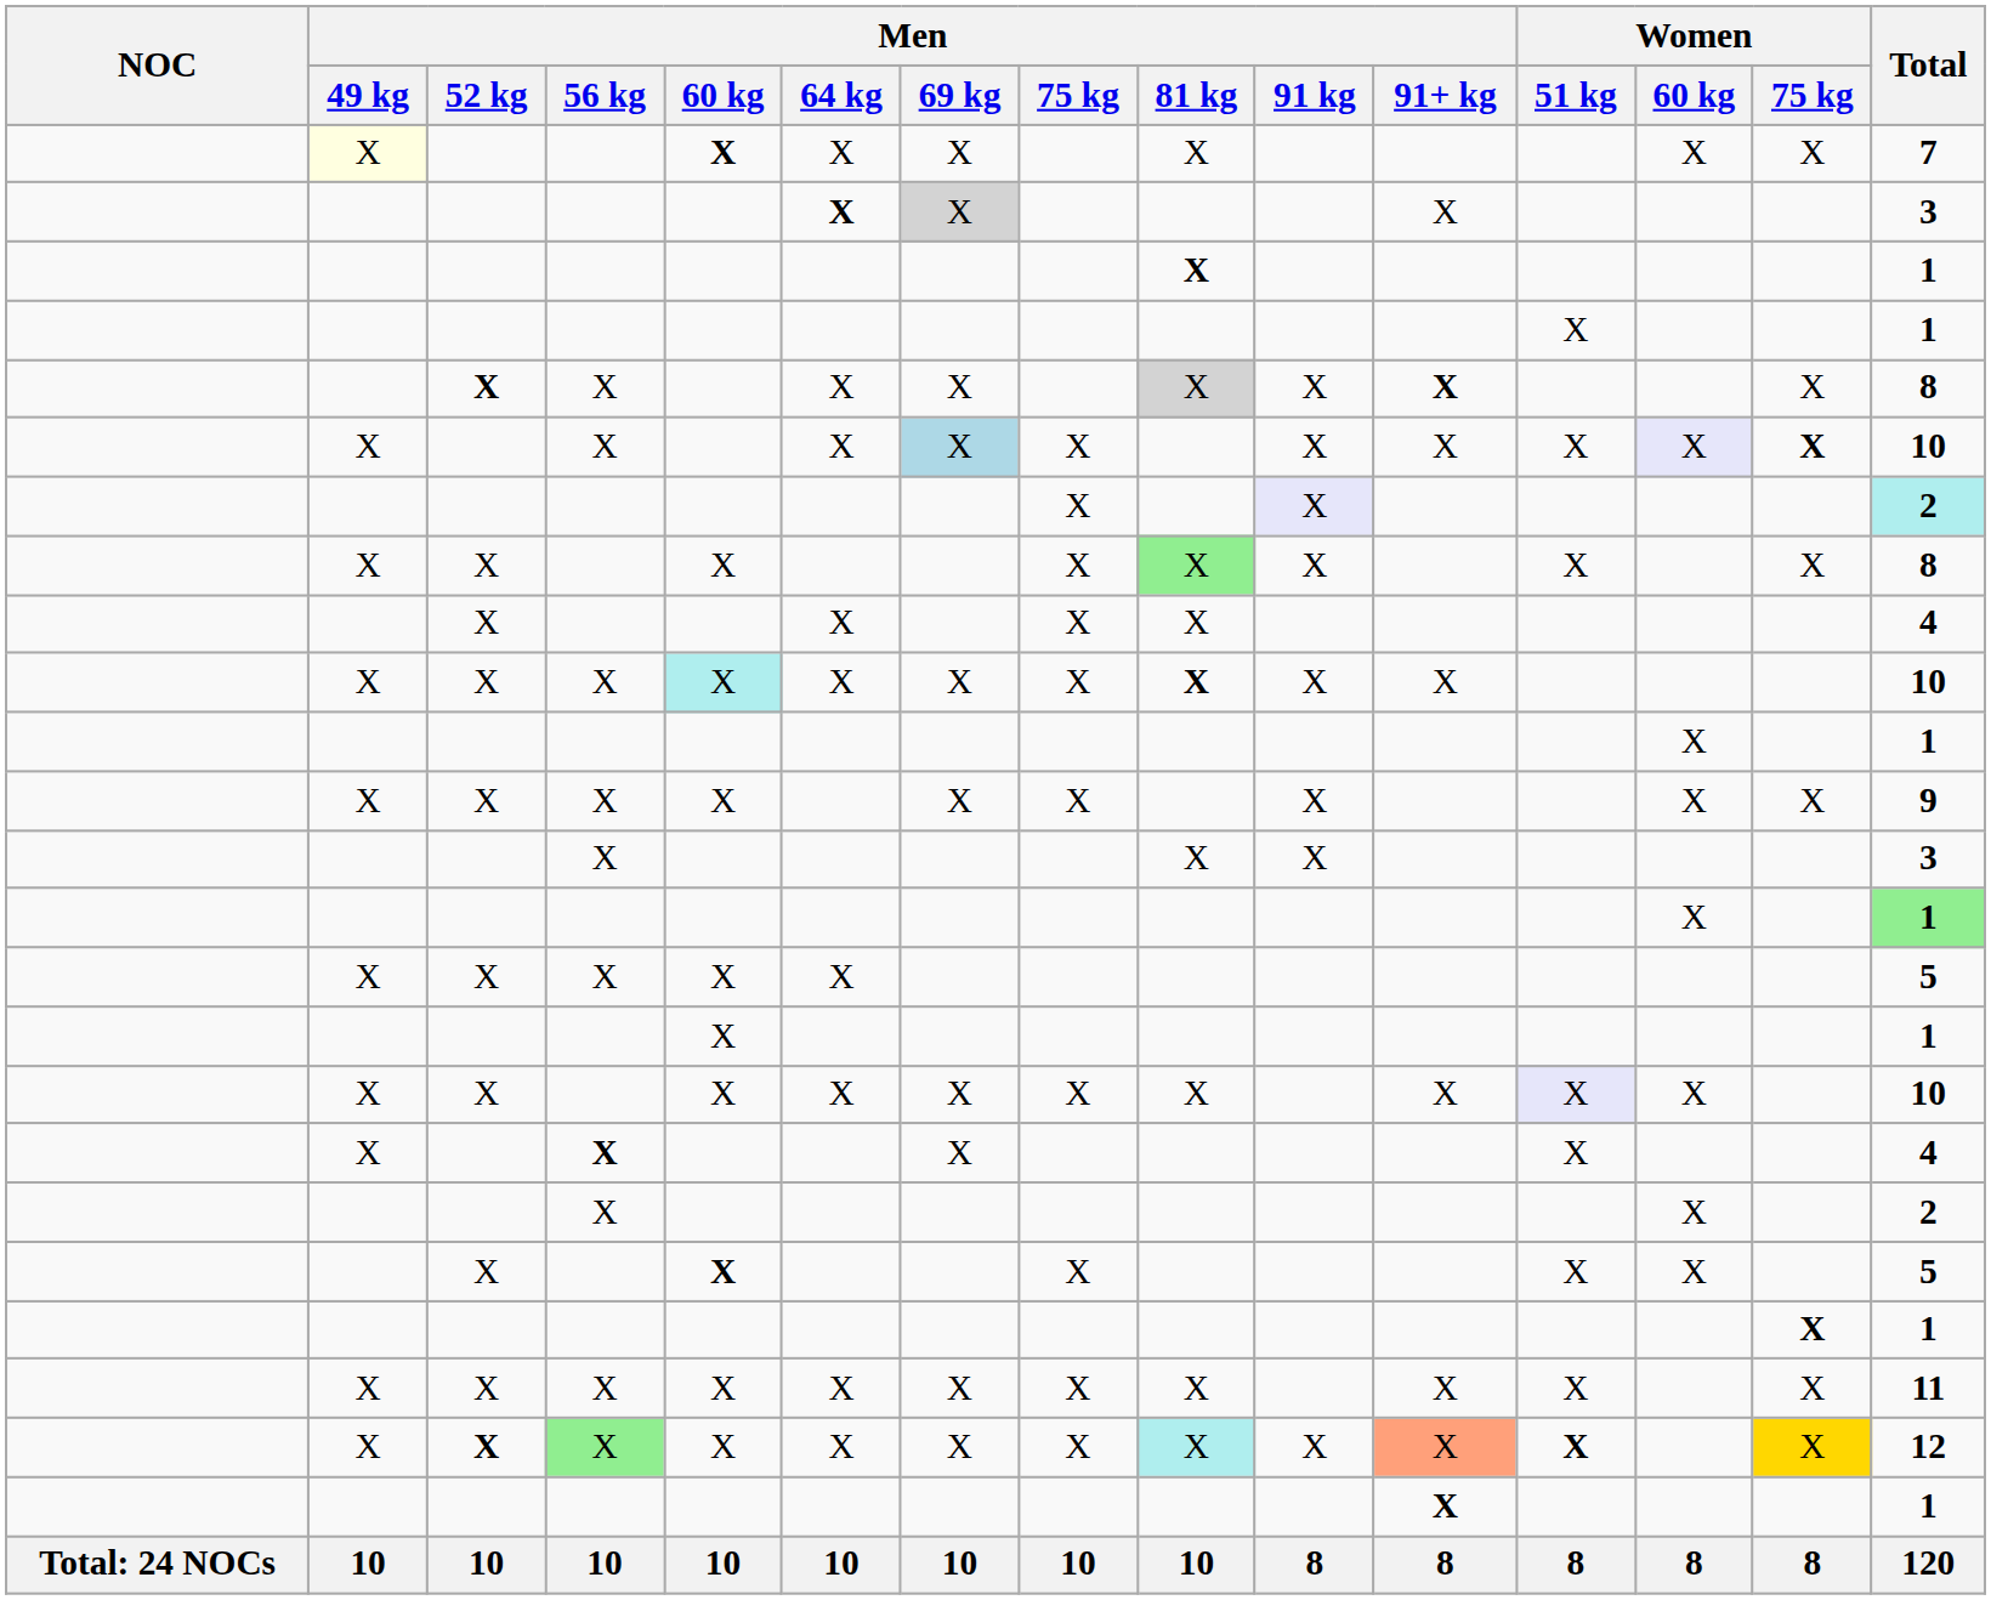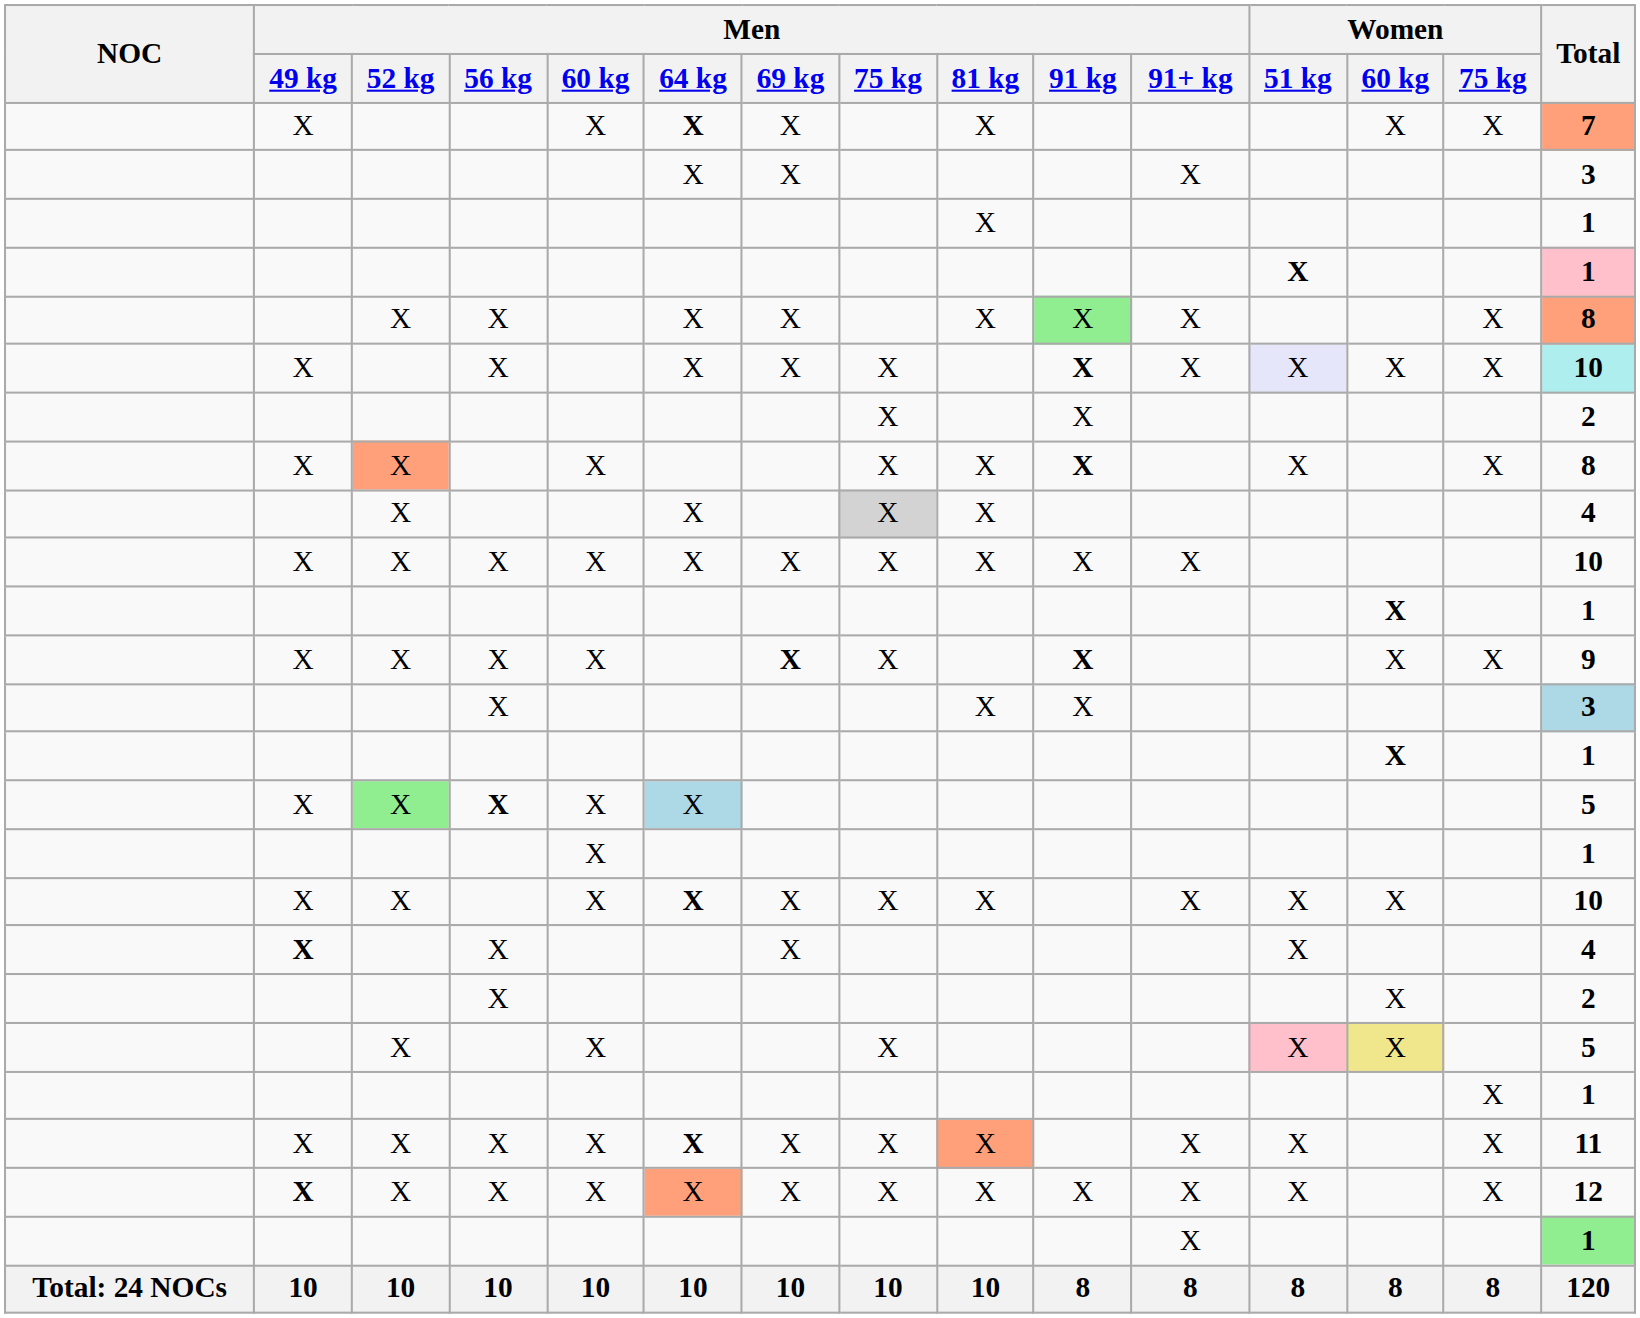 <table class="wikitable" width=800 style="text-align:center; font-size:90%">
 <tr>
 <th rowspan="2" align="left">NOC</th>
 <th colspan="10">Men</th>
 <th colspan="3">Women</th>
 <th rowspan="2">Total</th>
 </tr>
 <tr>
 <th><a href='#'>49 kg</a></th>
 <th><a href='#'>52 kg</a></th>
 <th><a href='#'>56 kg</a></th>
 <th><a href='#'>60 kg</a></th>
 <th><a href='#'>64 kg</a></th>
 <th><a href='#'>69 kg</a></th>
 <th><a href='#'>75 kg</a></th>
 <th><a href='#'>81 kg</a></th>
 <th><a href='#'>91 kg</a></th>
 <th><a href='#'>91+ kg</a></th>
 <th><a href='#'>51 kg</a></th>
 <th><a href='#'>60 kg</a></th>
 <th><a href='#'>75 kg</a></th>
 </tr>
 <tr>
 <td align="left"></td>
-<td style="background: lightyellow;">X</td>
+<td>X</td>
 <td></td>
 <td></td>
+<td>X</td>
 <td><strong>X</strong></td>
-<td>X</td>
 <td>X</td>
 <td></td>
 <td>X</td>
 <td></td>
 <td></td>
 <td></td>
 <td>X</td>
 <td>X</td>
-<td><strong>7</strong></td>
+<td style="background: lightsalmon;"><strong>7</strong></td>
 </tr>
 <tr>
 <td align="left"></td>
 <td></td>
 <td></td>
 <td></td>
 <td></td>
-<td><strong>X</strong></td>
-<td style="background: lightgrey;">X</td>
+<td>X</td>
+<td>X</td>
 <td></td>
 <td></td>
 <td></td>
 <td>X</td>
 <td></td>
 <td></td>
 <td></td>
 <td><strong>3</strong></td>
 </tr>
 <tr>
 <td align="left"></td>
 <td></td>
 <td></td>
 <td></td>
 <td></td>
 <td></td>
 <td></td>
 <td></td>
-<td><strong>X</strong></td>
+<td>X</td>
 <td></td>
 <td></td>
 <td></td>
 <td></td>
 <td></td>
 <td><strong>1</strong></td>
 </tr>
 <tr>
 <td align="left"></td>
 <td></td>
 <td></td>
 <td></td>
 <td></td>
 <td></td>
 <td></td>
 <td></td>
 <td></td>
 <td></td>
 <td></td>
-<td>X</td>
+<td><strong>X</strong></td>
 <td></td>
 <td></td>
-<td><strong>1</strong></td>
+<td style="background: pink;"><strong>1</strong></td>
 </tr>
 <tr>
 <td align="left"></td>
 <td></td>
-<td><strong>X</strong></td>
+<td>X</td>
 <td>X</td>
 <td></td>
 <td>X</td>
 <td>X</td>
 <td></td>
-<td style="background: lightgrey;">X</td>
 <td>X</td>
-<td><strong>X</strong></td>
+<td style="background: lightgreen;">X</td>
+<td>X</td>
 <td></td>
 <td></td>
 <td>X</td>
-<td><strong>8</strong></td>
+<td style="background: lightsalmon;"><strong>8</strong></td>
 </tr>
 <tr>
 <td align="left"></td>
 <td>X</td>
 <td></td>
 <td>X</td>
 <td></td>
 <td>X</td>
-<td style="background: lightblue;">X</td>
+<td>X</td>
 <td>X</td>
 <td></td>
+<td><strong>X</strong></td>
+<td>X</td>
+<td style="background: lavender;">X</td>
 <td>X</td>
 <td>X</td>
-<td>X</td>
-<td style="background: lavender;">X</td>
-<td><strong>X</strong></td>
-<td><strong>10</strong></td>
+<td style="background: paleturquoise;"><strong>10</strong></td>
 </tr>
 <tr>
 <td align="left"></td>
 <td></td>
 <td></td>
 <td></td>
 <td></td>
 <td></td>
 <td></td>
 <td>X</td>
 <td></td>
-<td style="background: lavender;">X</td>
+<td>X</td>
 <td></td>
 <td></td>
 <td></td>
 <td></td>
-<td style="background: paleturquoise;"><strong>2</strong></td>
+<td><strong>2</strong></td>
 </tr>
 <tr>
 <td align="left"></td>
 <td>X</td>
-<td>X</td>
+<td style="background: lightsalmon;">X</td>
 <td></td>
 <td>X</td>
 <td></td>
 <td></td>
 <td>X</td>
-<td style="background: lightgreen;">X</td>
 <td>X</td>
+<td><strong>X</strong></td>
 <td></td>
 <td>X</td>
 <td></td>
 <td>X</td>
 <td><strong>8</strong></td>
 </tr>
 <tr>
 <td align="left"></td>
 <td></td>
 <td>X</td>
 <td></td>
 <td></td>
 <td>X</td>
 <td></td>
-<td>X</td>
+<td style="background: lightgrey;">X</td>
 <td>X</td>
 <td></td>
 <td></td>
 <td></td>
 <td></td>
 <td></td>
 <td><strong>4</strong></td>
 </tr>
 <tr>
 <td align="left"></td>
 <td>X</td>
 <td>X</td>
 <td>X</td>
-<td style="background: paleturquoise;">X</td>
 <td>X</td>
 <td>X</td>
 <td>X</td>
-<td><strong>X</strong></td>
+<td>X</td>
+<td>X</td>
 <td>X</td>
 <td>X</td>
 <td></td>
 <td></td>
 <td></td>
 <td><strong>10</strong></td>
 </tr>
 <tr>
 <td align="left"></td>
 <td></td>
 <td></td>
 <td></td>
 <td></td>
 <td></td>
 <td></td>
 <td></td>
 <td></td>
 <td></td>
 <td></td>
 <td></td>
-<td>X</td>
+<td><strong>X</strong></td>
 <td></td>
 <td><strong>1</strong></td>
 </tr>
 <tr>
 <td align="left"></td>
 <td>X</td>
 <td>X</td>
 <td>X</td>
 <td>X</td>
 <td></td>
-<td>X</td>
+<td><strong>X</strong></td>
 <td>X</td>
 <td></td>
-<td>X</td>
+<td><strong>X</strong></td>
 <td></td>
 <td></td>
 <td>X</td>
 <td>X</td>
 <td><strong>9</strong></td>
 </tr>
 <tr>
 <td align="left"></td>
 <td></td>
 <td></td>
 <td>X</td>
 <td></td>
 <td></td>
 <td></td>
 <td></td>
 <td>X</td>
 <td>X</td>
 <td></td>
 <td></td>
 <td></td>
 <td></td>
-<td><strong>3</strong></td>
+<td style="background: lightblue;"><strong>3</strong></td>
 </tr>
 <tr>
 <td align="left"></td>
 <td></td>
 <td></td>
 <td></td>
 <td></td>
 <td></td>
 <td></td>
 <td></td>
 <td></td>
 <td></td>
 <td></td>
 <td></td>
-<td>X</td>
+<td><strong>X</strong></td>
 <td></td>
-<td style="background: lightgreen;"><strong>1</strong></td>
+<td><strong>1</strong></td>
 </tr>
 <tr>
 <td align="left"></td>
 <td>X</td>
+<td style="background: lightgreen;">X</td>
+<td><strong>X</strong></td>
 <td>X</td>
-<td>X</td>
-<td>X</td>
-<td>X</td>
+<td style="background: lightblue;">X</td>
 <td></td>
 <td></td>
 <td></td>
 <td></td>
 <td></td>
 <td></td>
 <td></td>
 <td></td>
 <td><strong>5</strong></td>
 </tr>
 <tr>
 <td align="left"></td>
 <td></td>
 <td></td>
 <td></td>
 <td>X</td>
 <td></td>
 <td></td>
 <td></td>
 <td></td>
 <td></td>
 <td></td>
 <td></td>
 <td></td>
 <td></td>
 <td><strong>1</strong></td>
 </tr>
 <tr>
 <td align="left"></td>
 <td>X</td>
 <td>X</td>
 <td></td>
 <td>X</td>
-<td>X</td>
+<td><strong>X</strong></td>
 <td>X</td>
 <td>X</td>
 <td>X</td>
 <td></td>
 <td>X</td>
-<td style="background: lavender;">X</td>
+<td>X</td>
 <td>X</td>
 <td></td>
 <td><strong>10</strong></td>
 </tr>
 <tr>
 <td align="left"></td>
+<td><strong>X</strong></td>
+<td></td>
 <td>X</td>
-<td></td>
-<td><strong>X</strong></td>
 <td></td>
 <td></td>
 <td>X</td>
 <td></td>
 <td></td>
 <td></td>
 <td></td>
 <td>X</td>
 <td></td>
 <td></td>
 <td><strong>4</strong></td>
 </tr>
 <tr>
 <td align="left"></td>
 <td></td>
 <td></td>
 <td>X</td>
 <td></td>
 <td></td>
 <td></td>
 <td></td>
 <td></td>
 <td></td>
 <td></td>
 <td></td>
 <td>X</td>
 <td></td>
 <td><strong>2</strong></td>
 </tr>
 <tr>
 <td align="left"></td>
 <td></td>
 <td>X</td>
 <td></td>
-<td><strong>X</strong></td>
+<td>X</td>
 <td></td>
 <td></td>
 <td>X</td>
 <td></td>
 <td></td>
 <td></td>
-<td>X</td>
-<td>X</td>
+<td style="background: pink;">X</td>
+<td style="background: khaki;">X</td>
 <td></td>
 <td><strong>5</strong></td>
 </tr>
 <tr>
 <td align="left"></td>
 <td></td>
 <td></td>
 <td></td>
 <td></td>
 <td></td>
 <td></td>
 <td></td>
 <td></td>
 <td></td>
 <td></td>
 <td></td>
 <td></td>
-<td><strong>X</strong></td>
+<td>X</td>
 <td><strong>1</strong></td>
 </tr>
 <tr>
 <td align="left"></td>
 <td>X</td>
 <td>X</td>
 <td>X</td>
 <td>X</td>
+<td><strong>X</strong></td>
 <td>X</td>
 <td>X</td>
-<td>X</td>
-<td>X</td>
+<td style="background: lightsalmon;">X</td>
 <td></td>
 <td>X</td>
 <td>X</td>
 <td></td>
 <td>X</td>
 <td><strong>11</strong></td>
 </tr>
 <tr>
 <td align="left"></td>
+<td><strong>X</strong></td>
 <td>X</td>
-<td><strong>X</strong></td>
-<td style="background: lightgreen;">X</td>
+<td>X</td>
+<td>X</td>
+<td style="background: lightsalmon;">X</td>
 <td>X</td>
 <td>X</td>
 <td>X</td>
 <td>X</td>
-<td style="background: paleturquoise;">X</td>
 <td>X</td>
-<td style="background: lightsalmon;">X</td>
-<td><strong>X</strong></td>
+<td>X</td>
 <td></td>
-<td style="background: gold;">X</td>
+<td>X</td>
 <td><strong>12</strong></td>
 </tr>
 <tr>
 <td align="left"></td>
 <td></td>
 <td></td>
 <td></td>
 <td></td>
 <td></td>
 <td></td>
 <td></td>
 <td></td>
 <td></td>
-<td><strong>X</strong></td>
+<td>X</td>
 <td></td>
 <td></td>
 <td></td>
-<td><strong>1</strong></td>
+<td style="background: lightgreen;"><strong>1</strong></td>
 </tr>
 <tr>
 <th>Total: 24 NOCs</th>
 <th>10</th>
 <th>10</th>
 <th>10</th>
 <th>10</th>
 <th>10</th>
 <th>10</th>
 <th>10</th>
 <th>10</th>
 <th>8</th>
 <th>8</th>
 <th>8</th>
 <th>8</th>
 <th>8</th>
 <th>120</th>
 </tr>
 </table>
